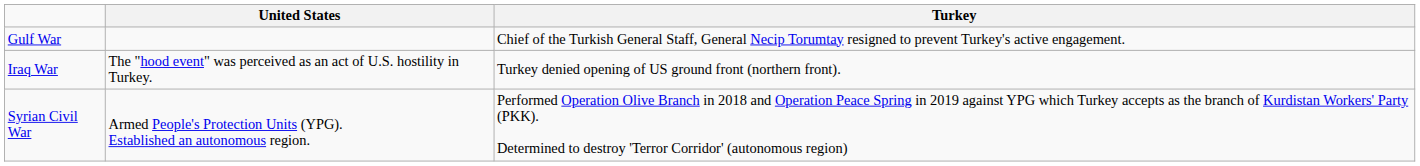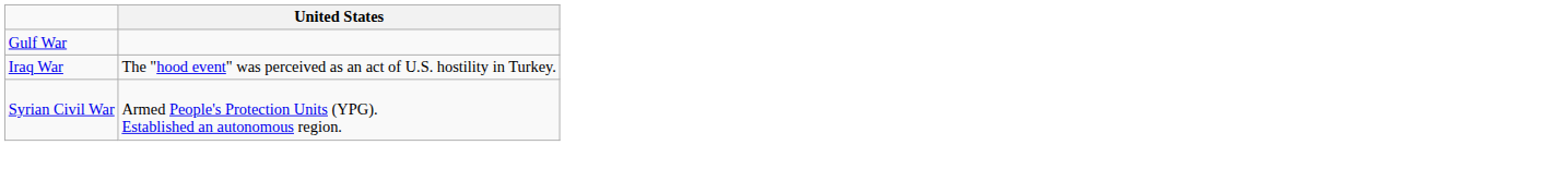 <table class="wikitable">
 <tr>
 <td></td>
 <th>United States</th>
-<th>Turkey</th>
 </tr>
 <tr>
 <td><a href='#'>Gulf War</a></td>
 <td></td>
-<td>Chief of the Turkish General Staff, General <a href='#'>Necip Torumtay</a> resigned to prevent Turkey's active engagement.</td>
 </tr>
 <tr>
 <td><a href='#'>Iraq War</a></td>
 <td>The "<a href='#'>hood event</a>" was perceived as an act of U.S. hostility in Turkey.</td>
-<td>Turkey denied opening of US ground front (northern front).</td>
 </tr>
 <tr>
 <td><a href='#'>Syrian Civil War</a></td>
 <td><br>Armed <a href='#'>People's Protection Units</a> (YPG).<br> <a href='#'>Established an autonomous</a> region.</td>
-<td>Performed <a href='#'>Operation Olive Branch</a> in 2018 and <a href='#'>Operation Peace Spring</a> in 2019 against YPG which Turkey accepts as the branch of <a href='#'>Kurdistan Workers' Party</a> (PKK).<br><br>Determined to destroy 'Terror Corridor' (autonomous region)</td>
 </tr>
 </table>
